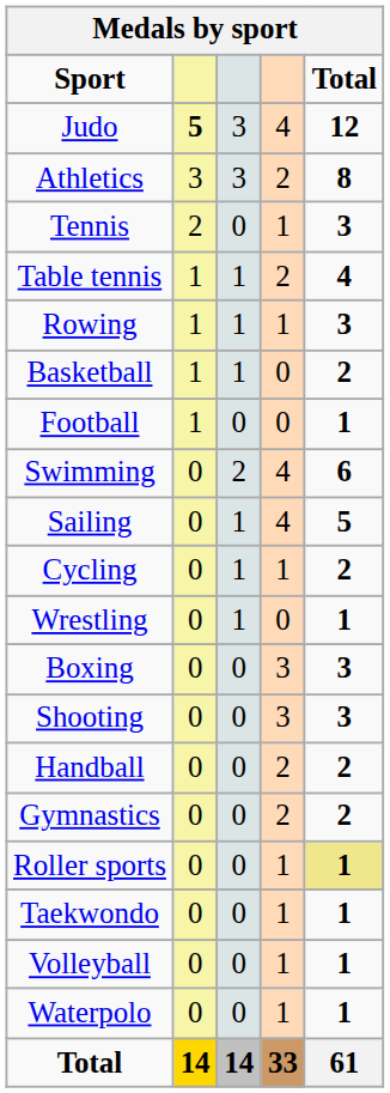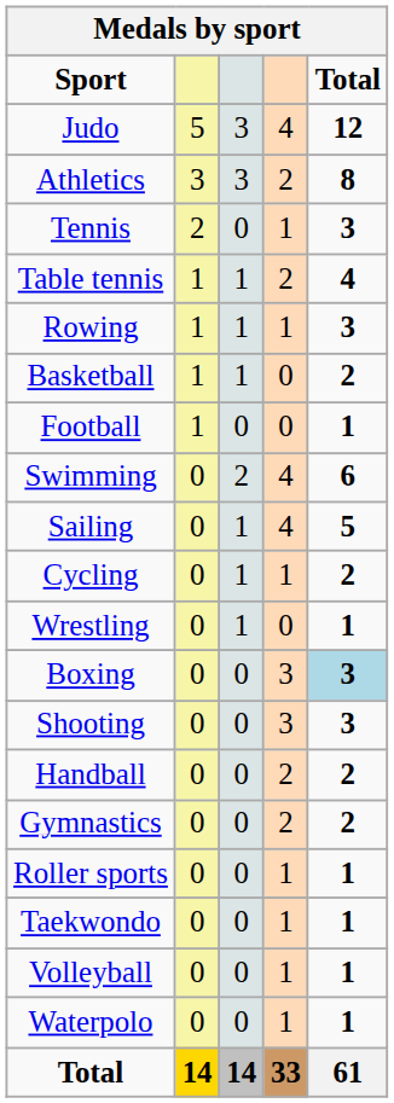 <table class="wikitable" style="font-size:85%; float:right;">
 <tr style="background:#efefef;">
 <th colspan=7><strong>Medals by sport</strong></th>
 </tr>
 <tr align=center>
 <td><strong>Sport</strong></td>
 <td bgcolor=#f7f6a8></td>
 <td bgcolor=#dce5e5></td>
 <td bgcolor=#ffdab9></td>
 <td><strong>Total</strong></td>
 </tr>
 <tr align=center>
 <td><a href='#'>Judo</a></td>
-<td style="background:#F7F6A8;"><strong>5</strong></td>
+<td style="background:#F7F6A8;">5</td>
 <td style="background:#DCE5E5;">3</td>
 <td style="background:#FFDAB9;">4</td>
 <td><strong>12</strong></td>
 </tr>
 <tr align=center>
 <td><a href='#'>Athletics</a></td>
 <td style="background:#F7F6A8;">3</td>
 <td style="background:#DCE5E5;">3</td>
 <td style="background:#FFDAB9;">2</td>
 <td><strong>8</strong></td>
 </tr>
 <tr align=center>
 <td><a href='#'>Tennis</a></td>
 <td style="background:#F7F6A8;">2</td>
 <td style="background:#DCE5E5;">0</td>
 <td style="background:#FFDAB9;">1</td>
 <td><strong>3</strong></td>
 </tr>
 <tr align=center>
 <td><a href='#'>Table tennis</a></td>
 <td style="background:#F7F6A8;">1</td>
 <td style="background:#DCE5E5;">1</td>
 <td style="background:#FFDAB9;">2</td>
 <td><strong>4</strong></td>
 </tr>
 <tr align=center>
 <td><a href='#'>Rowing</a></td>
 <td style="background:#F7F6A8;">1</td>
 <td style="background:#DCE5E5;">1</td>
 <td style="background:#FFDAB9;">1</td>
 <td><strong>3</strong></td>
 </tr>
 <tr align=center>
 <td><a href='#'>Basketball</a></td>
 <td style="background:#F7F6A8;">1</td>
 <td style="background:#DCE5E5;">1</td>
 <td style="background:#FFDAB9;">0</td>
 <td><strong>2</strong></td>
 </tr>
 <tr align=center>
 <td><a href='#'>Football</a></td>
 <td style="background:#F7F6A8;">1</td>
 <td style="background:#DCE5E5;">0</td>
 <td style="background:#FFDAB9;">0</td>
 <td><strong>1</strong></td>
 </tr>
 <tr align=center>
 <td><a href='#'>Swimming</a></td>
 <td style="background:#F7F6A8;">0</td>
 <td style="background:#DCE5E5;">2</td>
 <td style="background:#FFDAB9;">4</td>
 <td><strong>6</strong></td>
 </tr>
 <tr align=center>
 <td><a href='#'>Sailing</a></td>
 <td style="background:#F7F6A8;">0</td>
 <td style="background:#DCE5E5;">1</td>
 <td style="background:#FFDAB9;">4</td>
 <td><strong>5</strong></td>
 </tr>
 <tr align=center>
 <td><a href='#'>Cycling</a></td>
 <td style="background:#F7F6A8;">0</td>
 <td style="background:#DCE5E5;">1</td>
 <td style="background:#FFDAB9;">1</td>
 <td><strong>2</strong></td>
 </tr>
 <tr align=center>
 <td><a href='#'>Wrestling</a></td>
 <td style="background:#F7F6A8;">0</td>
 <td style="background:#DCE5E5;">1</td>
 <td style="background:#FFDAB9;">0</td>
 <td><strong>1</strong></td>
 </tr>
 <tr align=center>
 <td><a href='#'>Boxing</a></td>
 <td style="background:#F7F6A8;">0</td>
 <td style="background:#DCE5E5;">0</td>
 <td style="background:#FFDAB9;">3</td>
-<td><strong>3</strong></td>
+<td style="background: lightblue;"><strong>3</strong></td>
 </tr>
 <tr align=center>
 <td><a href='#'>Shooting</a></td>
 <td style="background:#F7F6A8;">0</td>
 <td style="background:#DCE5E5;">0</td>
 <td style="background:#FFDAB9;">3</td>
 <td><strong>3</strong></td>
 </tr>
 <tr align=center>
 <td><a href='#'>Handball</a></td>
 <td style="background:#F7F6A8;">0</td>
 <td style="background:#DCE5E5;">0</td>
 <td style="background:#FFDAB9;">2</td>
 <td><strong>2</strong></td>
 </tr>
 <tr align=center>
 <td><a href='#'>Gymnastics</a></td>
 <td style="background:#F7F6A8;">0</td>
 <td style="background:#DCE5E5;">0</td>
 <td style="background:#FFDAB9;">2</td>
 <td><strong>2</strong></td>
 </tr>
 <tr align=center>
 <td><a href='#'>Roller sports</a></td>
 <td style="background:#F7F6A8;">0</td>
 <td style="background:#DCE5E5;">0</td>
 <td style="background:#FFDAB9;">1</td>
-<td style="background: khaki;"><strong>1</strong></td>
+<td><strong>1</strong></td>
 </tr>
 <tr align=center>
 <td><a href='#'>Taekwondo</a></td>
 <td style="background:#F7F6A8;">0</td>
 <td style="background:#DCE5E5;">0</td>
 <td style="background:#FFDAB9;">1</td>
 <td><strong>1</strong></td>
 </tr>
 <tr align=center>
 <td><a href='#'>Volleyball</a></td>
 <td style="background:#F7F6A8;">0</td>
 <td style="background:#DCE5E5;">0</td>
 <td style="background:#FFDAB9;">1</td>
 <td><strong>1</strong></td>
 </tr>
 <tr align=center>
 <td><a href='#'>Waterpolo</a></td>
 <td style="background:#F7F6A8;">0</td>
 <td style="background:#DCE5E5;">0</td>
 <td style="background:#FFDAB9;">1</td>
 <td><strong>1</strong></td>
 </tr>
 <tr align=center>
 <td><strong>Total</strong></td>
 <th style="background:gold;"><strong>14</strong></th>
 <th style="background:silver;"><strong>14</strong></th>
 <th style="background:#c96;"><strong>33</strong></th>
 <th><strong>61</strong></th>
 </tr>
 </table>
